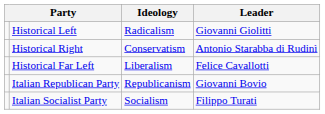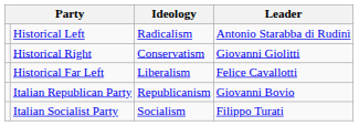 <table class=wikitable>
 <tr>
 <th colspan=2>Party</th>
 <th>Ideology</th>
 <th>Leader</th>
 </tr>
 <tr>
 <td></td>
 <td><a href='#'>Historical Left</a></td>
 <td><a href='#'>Radicalism</a></td>
-<td><a href='#'>Giovanni Giolitti</a></td>
+<td><a href='#'>Antonio Starabba di Rudinì</a></td>
 </tr>
 <tr>
 <td></td>
 <td><a href='#'>Historical Right</a></td>
 <td><a href='#'>Conservatism</a></td>
-<td><a href='#'>Antonio Starabba di Rudinì</a></td>
+<td><a href='#'>Giovanni Giolitti</a></td>
 </tr>
 <tr>
 <td></td>
 <td><a href='#'>Historical Far Left</a></td>
 <td><a href='#'>Liberalism</a></td>
 <td><a href='#'>Felice Cavallotti</a></td>
 </tr>
 <tr>
 <td></td>
 <td><a href='#'>Italian Republican Party</a></td>
 <td><a href='#'>Republicanism</a></td>
 <td><a href='#'>Giovanni Bovio</a></td>
 </tr>
 <tr>
 <td></td>
 <td><a href='#'>Italian Socialist Party</a></td>
 <td><a href='#'>Socialism</a></td>
 <td><a href='#'>Filippo Turati</a></td>
 </tr>
 </table>
